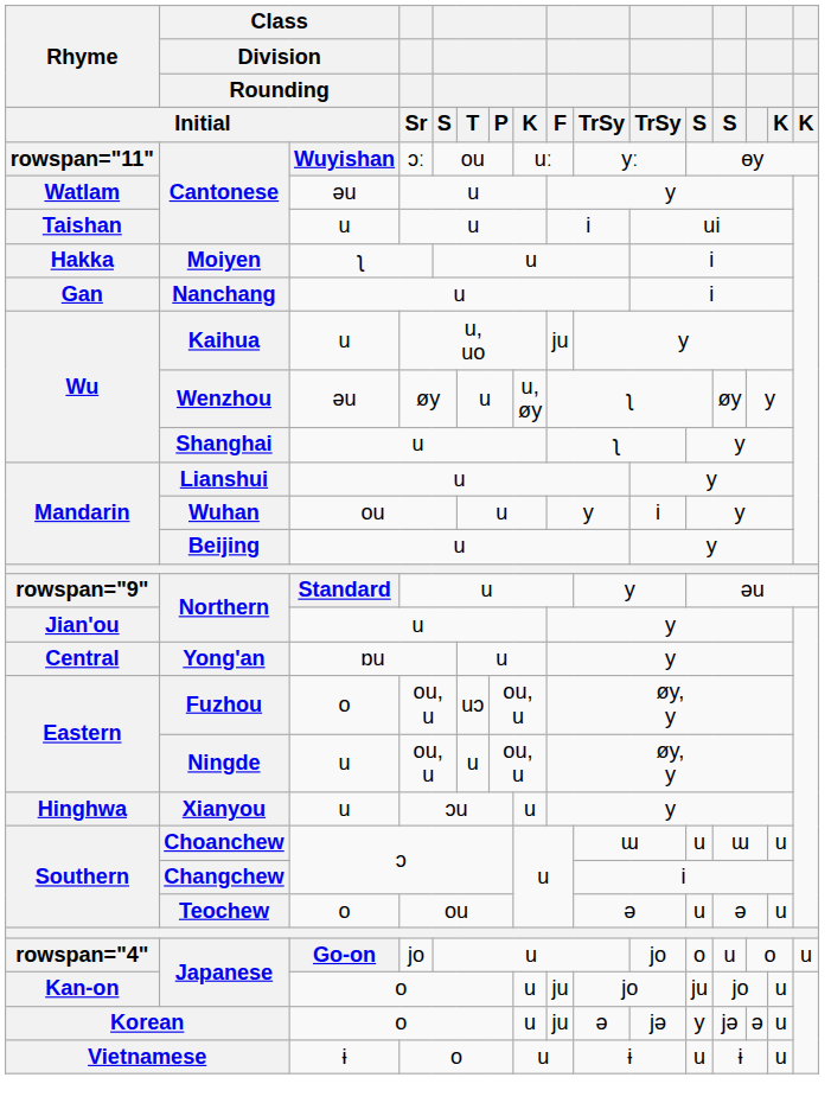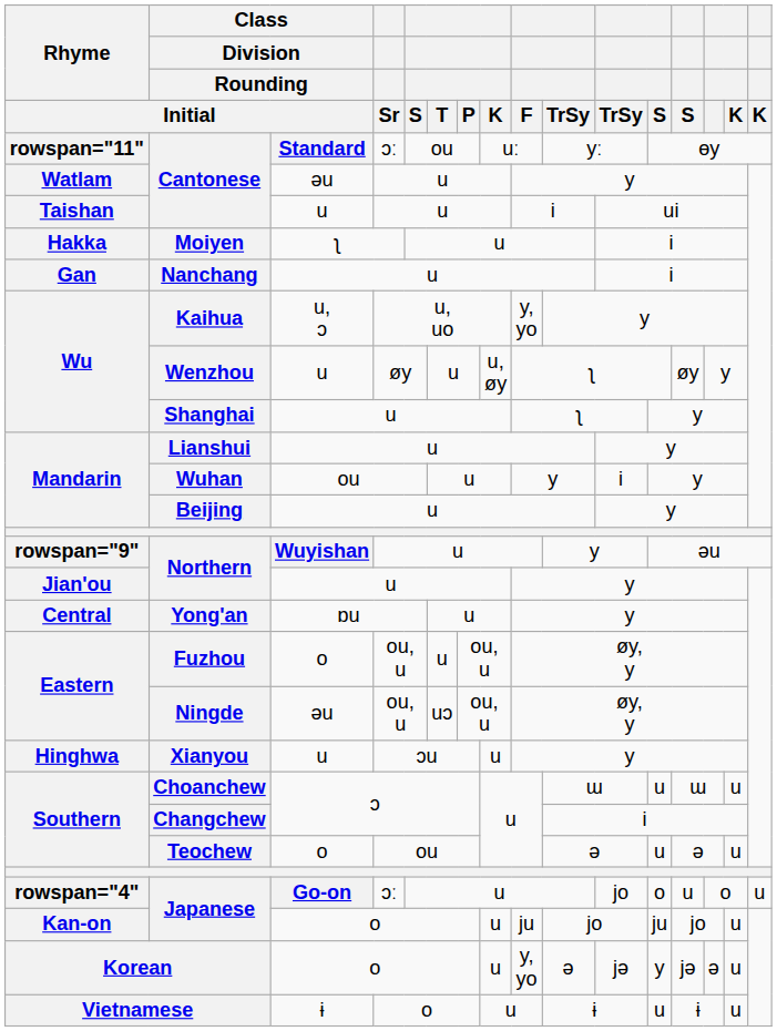 <table class="wikitable" style="text-align: center;">
 <tr>
 <th rowspan="3">Rhyme</th>
 <th colspan="2">Class</th>
 <th></th>
 <th colspan="4"></th>
 <th colspan="2"></th>
 <th colspan="2"></th>
 <th></th>
 <th colspan="2"></th>
 <th></th>
 </tr>
 <tr>
 <th colspan="2">Division</th>
 <th></th>
 <th colspan="4"></th>
 <th colspan="2"></th>
 <th colspan="2"></th>
 <th></th>
 <th colspan="2"></th>
 <th></th>
 </tr>
 <tr>
 <th colspan="2">Rounding</th>
 <th></th>
 <th colspan="4"></th>
 <th colspan="2"></th>
 <th colspan="2"></th>
 <th></th>
 <th colspan="2"></th>
 <th></th>
 </tr>
 <tr>
 <th colspan="3">Initial</th>
 <th>Sr</th>
 <th>S</th>
 <th>T</th>
 <th>P</th>
 <th>K</th>
 <th>F</th>
 <th>TrSy</th>
 <th>TrSy</th>
 <th>S</th>
 <th>S</th>
 <th></th>
 <th>K</th>
 <th>K</th>
 </tr>
 <tr>
 <th>rowspan="11" </th>
 <th rowspan="3"><a href='#'>Cantonese</a></th>
-<th><a href='#'>Wuyishan</a></th>
+<th><a href='#'>Standard</a></th>
 <td>ɔː</td>
 <td colspan="3">ou</td>
 <td colspan="2">uː</td>
 <td colspan="2">yː</td>
 <td colspan="5">ɵy</td>
 </tr>
 <tr>
 <th><a href='#'>Watlam</a></th>
 <td>əu</td>
 <td colspan="5">u</td>
 <td colspan="7">y</td>
 </tr>
 <tr>
 <th><a href='#'>Taishan</a></th>
 <td>u</td>
 <td colspan="5">u</td>
 <td colspan="2">i</td>
 <td colspan="5">ui</td>
 </tr>
 <tr>
 <th><a href='#'>Hakka</a></th>
 <th><a href='#'>Moiyen</a></th>
 <td colspan="2">ʅ</td>
 <td colspan="6">u</td>
 <td colspan="5">i</td>
 </tr>
 <tr>
 <th><a href='#'>Gan</a></th>
 <th><a href='#'>Nanchang</a></th>
 <td colspan="8">u</td>
 <td colspan="5">i</td>
 </tr>
 <tr>
 <th rowspan="3"><a href='#'>Wu</a></th>
 <th><a href='#'>Kaihua</a></th>
-<td>u</td>
+<td>u,<br>ɔ</td>
 <td colspan="5">u,<br>uo</td>
-<td>ju</td>
+<td>y,<br>yo</td>
 <td colspan="6">y</td>
 </tr>
 <tr>
 <th><a href='#'>Wenzhou</a></th>
-<td>əu</td>
+<td>u</td>
 <td colspan="2">øy</td>
 <td colspan="2">u</td>
 <td>u,<br>øy</td>
 <td colspan="4">ʅ</td>
 <td>øy</td>
 <td colspan="2">y</td>
 </tr>
 <tr>
 <th><a href='#'>Shanghai</a></th>
 <td colspan="6">u</td>
 <td colspan="3">ʅ</td>
 <td colspan="4">y</td>
 </tr>
 <tr>
 <th rowspan="3"><a href='#'>Mandarin</a></th>
 <th><a href='#'>Lianshui</a></th>
 <td colspan="8">u</td>
 <td colspan="5">y</td>
 </tr>
 <tr>
 <th><a href='#'>Wuhan</a></th>
 <td colspan="3">ou</td>
 <td colspan="3">u</td>
 <td colspan="2">y</td>
 <td>i</td>
 <td colspan="4">y</td>
 </tr>
 <tr>
 <th><a href='#'>Beijing</a></th>
 <td colspan="8">u</td>
 <td colspan="5">y</td>
 </tr>
 <tr>
 <th colspan="16"></th>
 </tr>
 <tr>
 <th>rowspan="9" </th>
 <th rowspan="2"><a href='#'>Northern</a></th>
-<th><a href='#'>Standard</a></th>
+<th><a href='#'>Wuyishan</a></th>
 <td colspan="6">u</td>
 <td colspan="2">y</td>
 <td colspan="5">əu</td>
 </tr>
 <tr>
 <th><a href='#'>Jian'ou</a></th>
 <td colspan="6">u</td>
 <td colspan="7">y</td>
 </tr>
 <tr>
 <th><a href='#'>Central</a></th>
 <th><a href='#'>Yong'an</a></th>
 <td colspan="3">ɒu</td>
 <td colspan="3">u</td>
 <td colspan="7">y</td>
 </tr>
 <tr>
 <th rowspan="2"><a href='#'>Eastern</a></th>
 <th><a href='#'>Fuzhou</a></th>
 <td>o</td>
 <td colspan="2">ou,<br>u</td>
-<td>uɔ</td>
+<td>u</td>
 <td colspan="2">ou,<br>u</td>
 <td colspan="7">øy,<br>y</td>
 </tr>
 <tr>
 <th><a href='#'>Ningde</a></th>
-<td>u</td>
+<td>əu</td>
 <td colspan="2">ou,<br>u</td>
-<td>u</td>
+<td>uɔ</td>
 <td colspan="2">ou,<br>u</td>
 <td colspan="7">øy,<br>y</td>
 </tr>
 <tr>
 <th><a href='#'>Hinghwa</a></th>
 <th><a href='#'>Xianyou</a></th>
 <td>u</td>
 <td colspan="4">ɔu</td>
 <td>u</td>
 <td colspan="7">y</td>
 </tr>
 <tr>
 <th rowspan="3"><a href='#'>Southern</a></th>
 <th><a href='#'>Choanchew</a></th>
 <td colspan="5" rowspan="2">ɔ</td>
 <td colspan="2" rowspan="3">u</td>
 <td colspan="2">ɯ</td>
 <td>u</td>
 <td colspan="2">ɯ</td>
 <td>u</td>
 </tr>
 <tr>
 <th><a href='#'>Changchew</a></th>
 <td colspan="6">i</td>
 </tr>
 <tr>
 <th><a href='#'>Teochew</a></th>
 <td>o</td>
 <td colspan="4">ou</td>
 <td colspan="2">ə</td>
 <td>u</td>
 <td colspan="2">ə</td>
 <td>u</td>
 </tr>
 <tr>
 <th colspan="16"></th>
 </tr>
 <tr>
 <th>rowspan="4" </th>
 <th rowspan="2"><a href='#'>Japanese</a></th>
 <th><a href='#'>Go-on</a></th>
-<td>jo</td>
+<td>ɔː</td>
 <td colspan="6">u</td>
 <td>jo</td>
 <td>o</td>
 <td>u</td>
 <td colspan="2">o</td>
 <td>u</td>
 </tr>
 <tr>
 <th><a href='#'>Kan-on</a></th>
 <td colspan="5">o</td>
 <td>u</td>
 <td>ju</td>
 <td colspan="2">jo</td>
 <td>ju</td>
 <td colspan="2">jo</td>
 <td>u</td>
 </tr>
 <tr>
 <th colspan="2"><a href='#'>Korean</a></th>
 <td colspan="5">o</td>
 <td>u</td>
-<td>ju</td>
+<td>y,<br>yo</td>
 <td>ə</td>
 <td>jə</td>
 <td>y</td>
 <td>jə</td>
 <td>ə</td>
 <td>u</td>
 </tr>
 <tr>
 <th colspan="2"><a href='#'>Vietnamese</a></th>
 <td>ɨ</td>
 <td colspan="4">o</td>
 <td colspan="2">u</td>
 <td colspan="2">ɨ</td>
 <td>u</td>
 <td colspan="2">ɨ</td>
 <td>u</td>
 </tr>
 </table>
